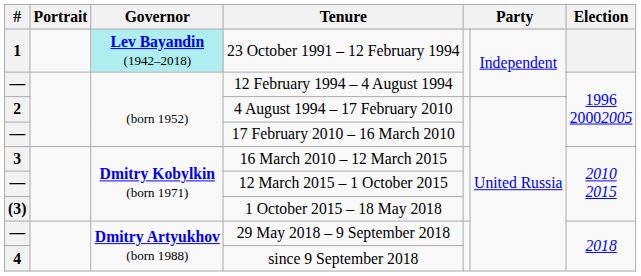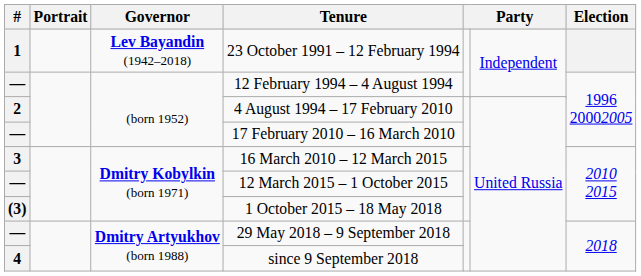 <table class="wikitable" style="text-align:center">
 <tr style="background:#cccccc" bgcolor=#E6E6AA>
 <th>#</th>
 <th>Portrait</th>
 <th>Governor</th>
 <th>Tenure</th>
 <th colspan=2>Party</th>
 <th>Election</th>
 </tr>
 <tr>
 <th>1</th>
 <td></td>
-<td style="background: paleturquoise;"><strong><a href='#'>Lev Bayandin</a></strong><br><small>(1942–2018)</small></td>
+<td><strong><a href='#'>Lev Bayandin</a></strong><br><small>(1942–2018)</small></td>
 <td>23 October 1991 – 12 February 1994</td>
 <td rowspan=3; style="background: "></td>
 <td rowspan=3><a href='#'>Independent</a></td>
 <th></th>
 </tr>
 <tr>
 <th>—</th>
 <td rowspan=4></td>
 <td rowspan=4><strong></strong><br><small>(born 1952)</small></td>
 <td>12 February 1994 – 4 August 1994</td>
 <td rowspan=4><a href='#'>1996</a><br><a href='#'>2000</a><em><a href='#'>2005</a></em></td>
 </tr>
 <tr>
 <th rowspan=2>2</th>
 <td rowspan=2>4 August 1994 – 17 February 2010</td>
 </tr>
 <tr>
 <td rowspan=2; style="background: "></td>
 <td rowspan=7><a href='#'>United Russia</a></td>
 </tr>
 <tr>
 <th>—</th>
 <td>17 February 2010 – 16 March 2010</td>
 </tr>
 <tr>
 <th>3</th>
 <td rowspan=3></td>
 <td rowspan=3><strong><a href='#'>Dmitry Kobylkin</a></strong><br><small>(born 1971)</small></td>
 <td>16 March 2010 – 12 March 2015</td>
 <td rowspan=3; style="background: "></td>
 <td rowspan=3><em><a href='#'>2010</a></em><br><em><a href='#'>2015</a></em></td>
 </tr>
 <tr>
 <th>—</th>
 <td>12 March 2015 – 1 October 2015</td>
 </tr>
 <tr>
 <th>(3)</th>
 <td>1 October 2015 – 18 May 2018</td>
 </tr>
 <tr>
 <th>—</th>
 <td rowspan=2></td>
 <td rowspan=2><strong><a href='#'>Dmitry Artyukhov</a></strong><br><small>(born 1988)</small></td>
 <td>29 May 2018 – 9 September 2018</td>
 <td rowspan=2; style="background: "></td>
 <td rowspan=2><em><a href='#'>2018</a></em></td>
 </tr>
 <tr>
 <th>4</th>
 <td>since 9 September 2018</td>
 </tr>
 </table>
